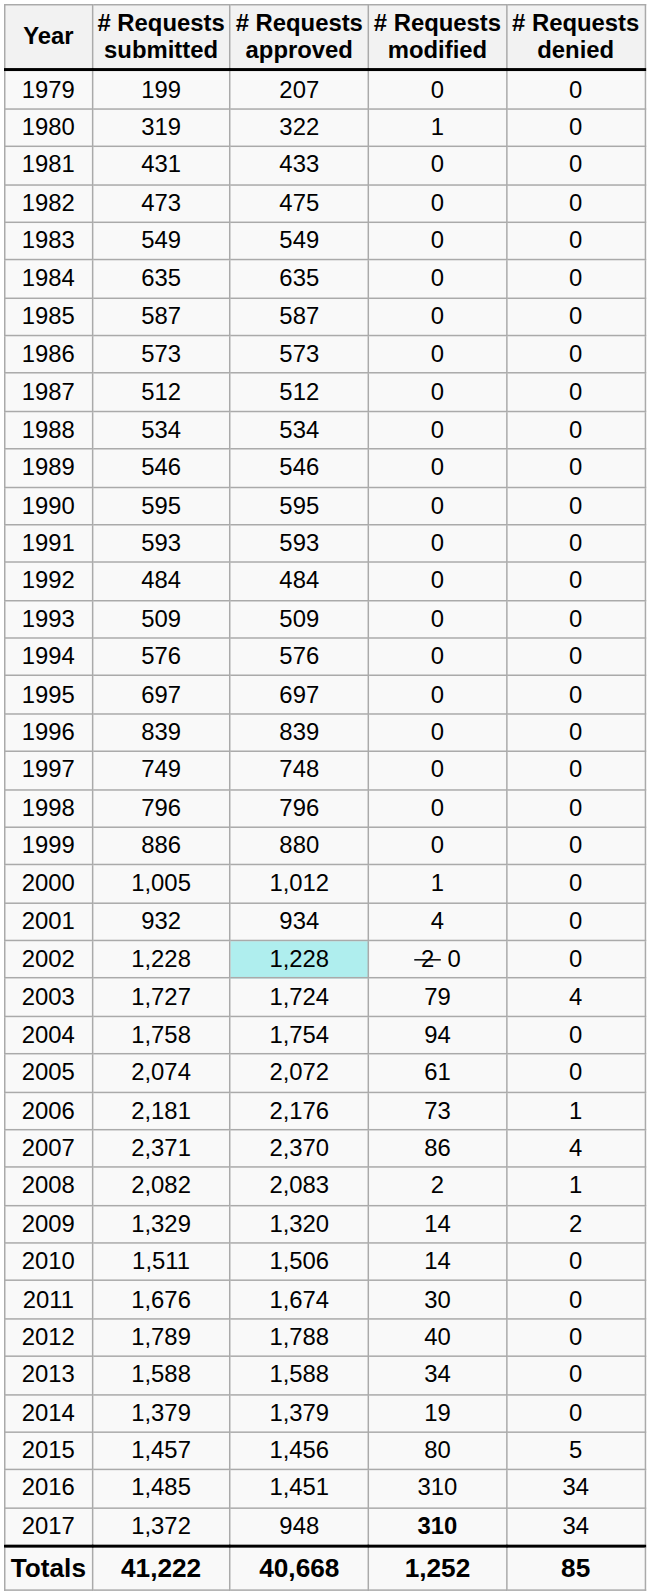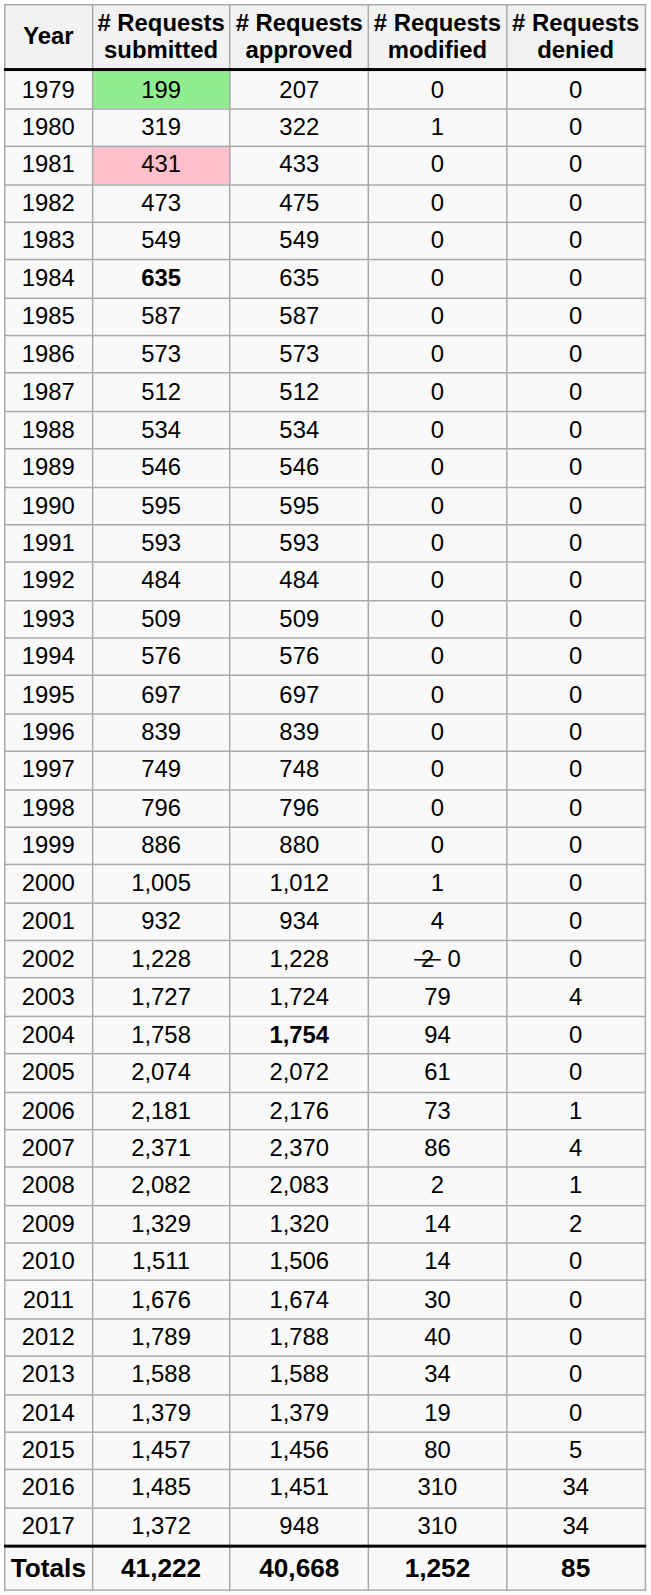 <table class="wikitable" style="text-align:center;">
 <tr>
 <th scope="col">Year</th>
 <th scope="col"># Requests<br>submitted</th>
 <th scope="col"># Requests<br>approved</th>
 <th scope="col"># Requests<br>modified</th>
 <th scope="col"># Requests<br>denied</th>
 </tr>
 <tr style="border-top:2px solid black;">
 <td>1979</td>
-<td>199</td>
+<td style="background: lightgreen;">199</td>
 <td>207</td>
 <td>0</td>
 <td>0</td>
 </tr>
 <tr>
 <td>1980</td>
 <td>319</td>
 <td>322</td>
 <td>1</td>
 <td>0</td>
 </tr>
 <tr>
 <td>1981</td>
-<td>431</td>
+<td style="background: pink;">431</td>
 <td>433</td>
 <td>0</td>
 <td>0</td>
 </tr>
 <tr>
 <td>1982</td>
 <td>473</td>
 <td>475</td>
 <td>0</td>
 <td>0</td>
 </tr>
 <tr>
 <td>1983</td>
 <td>549</td>
 <td>549</td>
 <td>0</td>
 <td>0</td>
 </tr>
 <tr>
 <td>1984</td>
-<td>635</td>
+<td><strong>635</strong></td>
 <td>635</td>
 <td>0</td>
 <td>0</td>
 </tr>
 <tr>
 <td>1985</td>
 <td>587</td>
 <td>587</td>
 <td>0</td>
 <td>0</td>
 </tr>
 <tr>
 <td>1986</td>
 <td>573</td>
 <td>573</td>
 <td>0</td>
 <td>0</td>
 </tr>
 <tr>
 <td>1987</td>
 <td>512</td>
 <td>512</td>
 <td>0</td>
 <td>0</td>
 </tr>
 <tr>
 <td>1988</td>
 <td>534</td>
 <td>534</td>
 <td>0</td>
 <td>0</td>
 </tr>
 <tr>
 <td>1989</td>
 <td>546</td>
 <td>546</td>
 <td>0</td>
 <td>0</td>
 </tr>
 <tr>
 <td>1990</td>
 <td>595</td>
 <td>595</td>
 <td>0</td>
 <td>0</td>
 </tr>
 <tr>
 <td>1991</td>
 <td>593</td>
 <td>593</td>
 <td>0</td>
 <td>0</td>
 </tr>
 <tr>
 <td>1992</td>
 <td>484</td>
 <td>484</td>
 <td>0</td>
 <td>0</td>
 </tr>
 <tr>
 <td>1993</td>
 <td>509</td>
 <td>509</td>
 <td>0</td>
 <td>0</td>
 </tr>
 <tr>
 <td>1994</td>
 <td>576</td>
 <td>576</td>
 <td>0</td>
 <td>0</td>
 </tr>
 <tr>
 <td>1995</td>
 <td>697</td>
 <td>697</td>
 <td>0</td>
 <td>0</td>
 </tr>
 <tr>
 <td>1996</td>
 <td>839</td>
 <td>839</td>
 <td>0</td>
 <td>0</td>
 </tr>
 <tr>
 <td>1997</td>
 <td>749</td>
 <td>748</td>
 <td>0</td>
 <td>0</td>
 </tr>
 <tr>
 <td>1998</td>
 <td>796</td>
 <td>796</td>
 <td>0</td>
 <td>0</td>
 </tr>
 <tr>
 <td>1999</td>
 <td>886</td>
 <td>880</td>
 <td>0</td>
 <td>0</td>
 </tr>
 <tr>
 <td>2000</td>
 <td>1,005</td>
 <td>1,012</td>
 <td>1</td>
 <td>0</td>
 </tr>
 <tr>
 <td>2001</td>
 <td>932</td>
 <td>934</td>
 <td>4</td>
 <td>0</td>
 </tr>
 <tr>
 <td>2002</td>
 <td>1,228</td>
-<td style="background: paleturquoise;">1,228</td>
+<td>1,228</td>
 <td><s> 2 </s> 0 </td>
 <td>0</td>
 </tr>
 <tr>
 <td>2003</td>
 <td>1,727</td>
 <td>1,724</td>
 <td>79</td>
 <td>4 </td>
 </tr>
 <tr>
 <td>2004</td>
 <td>1,758</td>
-<td>1,754</td>
+<td><strong>1,754</strong></td>
 <td>94</td>
 <td>0</td>
 </tr>
 <tr>
 <td>2005</td>
 <td>2,074</td>
 <td>2,072</td>
 <td>61</td>
 <td>0</td>
 </tr>
 <tr>
 <td>2006</td>
 <td>2,181</td>
 <td>2,176</td>
 <td>73</td>
 <td>1</td>
 </tr>
 <tr>
 <td>2007</td>
 <td>2,371</td>
 <td>2,370</td>
 <td>86</td>
 <td>4</td>
 </tr>
 <tr>
 <td>2008</td>
 <td>2,082</td>
 <td>2,083</td>
 <td>2</td>
 <td>1</td>
 </tr>
 <tr>
 <td>2009</td>
 <td>1,329</td>
 <td>1,320</td>
 <td>14</td>
 <td>2</td>
 </tr>
 <tr>
 <td>2010</td>
 <td>1,511</td>
 <td>1,506</td>
 <td>14</td>
 <td>0</td>
 </tr>
 <tr>
 <td>2011</td>
 <td>1,676</td>
 <td>1,674</td>
 <td>30</td>
 <td>0</td>
 </tr>
 <tr>
 <td>2012</td>
 <td>1,789</td>
 <td>1,788</td>
 <td>40</td>
 <td>0</td>
 </tr>
 <tr>
 <td>2013</td>
 <td>1,588</td>
 <td>1,588</td>
 <td>34</td>
 <td>0</td>
 </tr>
 <tr>
 <td>2014</td>
 <td>1,379</td>
 <td>1,379</td>
 <td>19</td>
 <td>0</td>
 </tr>
 <tr>
 <td>2015</td>
 <td>1,457</td>
 <td>1,456</td>
 <td>80</td>
 <td>5</td>
 </tr>
 <tr>
 <td>2016</td>
 <td>1,485</td>
 <td>1,451</td>
 <td>310</td>
 <td>34</td>
 </tr>
 <tr>
 <td>2017</td>
 <td>1,372</td>
 <td>948</td>
-<td><strong>310</strong></td>
+<td>310</td>
 <td>34</td>
 </tr>
 <tr style="font-size:110%;border-top:2px solid black;">
 <td><strong>Totals</strong></td>
 <td><strong>41,222</strong></td>
 <td><strong>40,668</strong></td>
 <td><strong>1,252</strong></td>
 <td><strong>85</strong></td>
 </tr>
 </table>
